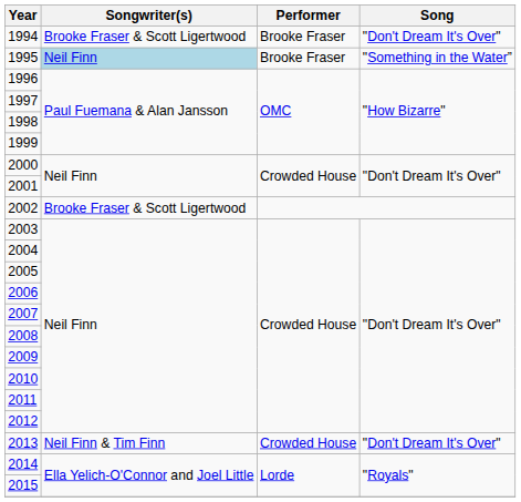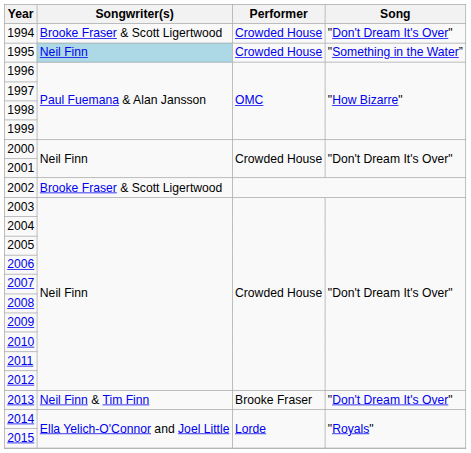 <table class="wikitable">
 <tr>
 <th>Year</th>
 <th>Songwriter(s)</th>
 <th>Performer</th>
 <th>Song</th>
 </tr>
 <tr>
 <td>1994</td>
 <td><a href='#'>Brooke Fraser</a> & Scott Ligertwood</td>
-<td>Brooke Fraser</td>
+<td><a href='#'>Crowded House</a></td>
 <td>"<a href='#'>Don't Dream It's Over</a>"</td>
 </tr>
 <tr>
 <td>1995</td>
 <td style="background: lightblue;"><a href='#'>Neil Finn</a></td>
-<td>Brooke Fraser</td>
+<td><a href='#'>Crowded House</a></td>
 <td>"<a href='#'>Something in the Water</a>”</td>
 </tr>
 <tr>
 <td>1996</td>
 <td rowspan=4><a href='#'>Paul Fuemana</a> & Alan Jansson</td>
 <td rowspan=4><a href='#'>OMC</a></td>
 <td rowspan=4>"<a href='#'>How Bizarre</a>"</td>
 </tr>
 <tr>
 <td>1997</td>
 </tr>
 <tr>
 <td>1998</td>
 </tr>
 <tr>
 <td>1999</td>
 </tr>
 <tr>
 <td>2000</td>
 <td rowspan=2>Neil Finn</td>
 <td rowspan=2>Crowded House</td>
 <td rowspan=2>"Don't Dream It's Over"</td>
 </tr>
 <tr>
 <td>2001</td>
 </tr>
 <tr>
 <td>2002</td>
 <td><a href='#'>Brooke Fraser</a> & Scott Ligertwood</td>
 </tr>
 <tr>
 <td>2003</td>
 <td rowspan=10>Neil Finn</td>
 <td rowspan=10>Crowded House</td>
 <td rowspan=10>"Don't Dream It's Over"</td>
 </tr>
 <tr>
 <td>2004</td>
 </tr>
 <tr>
 <td>2005</td>
 </tr>
 <tr>
 <td><a href='#'>2006</a></td>
 </tr>
 <tr>
 <td><a href='#'>2007</a></td>
 </tr>
 <tr>
 <td><a href='#'>2008</a></td>
 </tr>
 <tr>
 <td><a href='#'>2009</a></td>
 </tr>
 <tr>
 <td><a href='#'>2010</a></td>
 </tr>
 <tr>
 <td><a href='#'>2011</a></td>
 </tr>
 <tr>
 <td><a href='#'>2012</a></td>
 </tr>
 <tr>
 <td><a href='#'>2013</a></td>
 <td><a href='#'>Neil Finn</a> & <a href='#'>Tim Finn</a></td>
-<td><a href='#'>Crowded House</a></td>
+<td>Brooke Fraser</td>
 <td>"<a href='#'>Don't Dream It's Over</a>"</td>
 </tr>
 <tr>
 <td><a href='#'>2014</a></td>
 <td rowspan="2"><a href='#'>Ella Yelich-O'Connor</a> and <a href='#'>Joel Little</a></td>
 <td rowspan="2"><a href='#'>Lorde</a></td>
 <td rowspan="2">"<a href='#'>Royals</a>"</td>
 </tr>
 <tr>
 <td><a href='#'>2015</a></td>
 </tr>
 <tr>
 </tr>
 </table>
